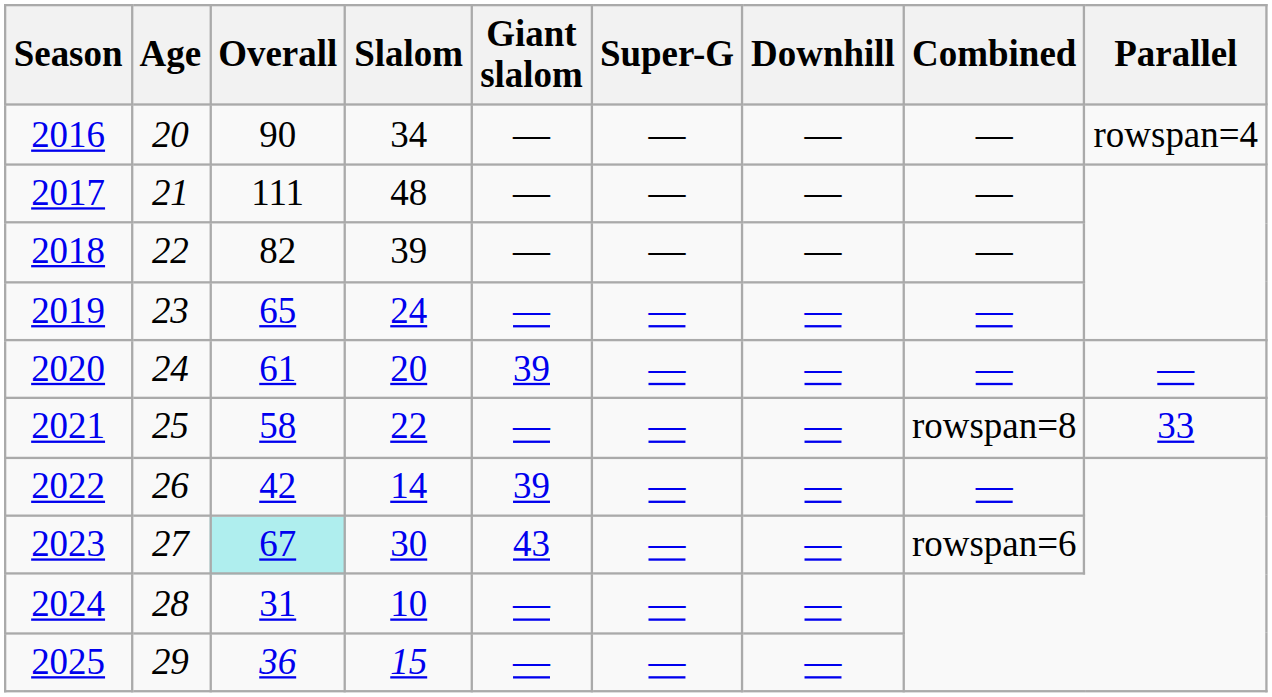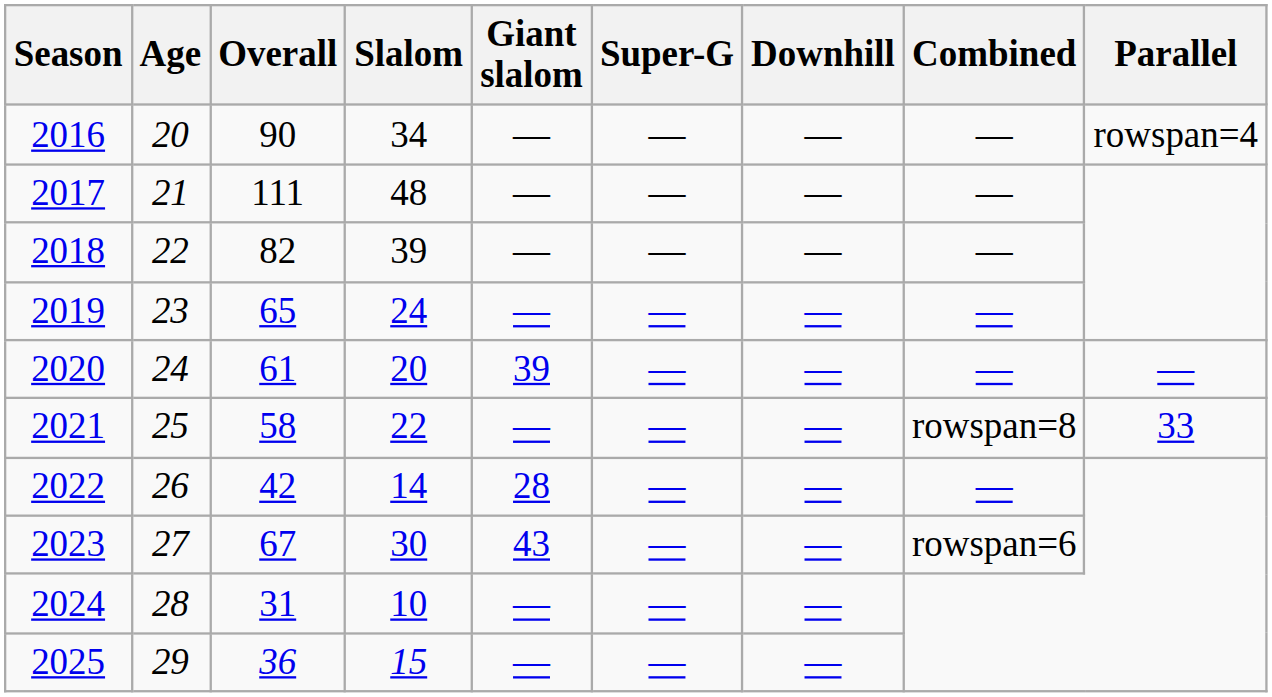 <table class=wikitable style="text-align:center">
 <tr>
 <th>Season</th>
 <th>Age</th>
 <th>Overall</th>
 <th>Slalom</th>
 <th>Giant<br>slalom</th>
 <th>Super-G</th>
 <th>Downhill</th>
 <th>Combined</th>
 <th>Parallel</th>
 </tr>
 <tr>
 <td><a href='#'>2016</a></td>
 <td><em>20</em></td>
 <td>90</td>
 <td>34</td>
 <td>—</td>
 <td>—</td>
 <td>—</td>
 <td>—</td>
 <td>rowspan=4 </td>
 </tr>
 <tr>
 <td><a href='#'>2017</a></td>
 <td><em>21</em></td>
 <td>111</td>
 <td>48</td>
 <td>—</td>
 <td>—</td>
 <td>—</td>
 <td>—</td>
 </tr>
 <tr>
 <td><a href='#'>2018</a></td>
 <td><em>22</em></td>
 <td>82</td>
 <td>39</td>
 <td>—</td>
 <td>—</td>
 <td>—</td>
 <td>—</td>
 </tr>
 <tr>
 <td><a href='#'>2019</a></td>
 <td><em>23</em></td>
 <td><a href='#'>65</a></td>
 <td><a href='#'>24</a></td>
 <td><a href='#'>—</a></td>
 <td><a href='#'>—</a></td>
 <td><a href='#'>—</a></td>
 <td><a href='#'>—</a></td>
 </tr>
 <tr>
 <td><a href='#'>2020</a></td>
 <td><em>24</em></td>
 <td><a href='#'>61</a></td>
 <td><a href='#'>20</a></td>
 <td><a href='#'>39</a></td>
 <td><a href='#'>—</a></td>
 <td><a href='#'>—</a></td>
 <td><a href='#'>—</a></td>
 <td><a href='#'>—</a></td>
 </tr>
 <tr>
 <td><a href='#'>2021</a></td>
 <td><em>25</em></td>
 <td><a href='#'>58</a></td>
 <td><a href='#'>22</a></td>
 <td><a href='#'>—</a></td>
 <td><a href='#'>—</a></td>
 <td><a href='#'>—</a></td>
 <td>rowspan=8 </td>
 <td><a href='#'>33</a></td>
 </tr>
 <tr>
 <td><a href='#'>2022</a></td>
 <td><em>26</em></td>
 <td><a href='#'>42</a></td>
 <td><a href='#'>14</a></td>
-<td><a href='#'>39</a></td>
+<td><a href='#'>28</a></td>
 <td><a href='#'>—</a></td>
 <td><a href='#'>—</a></td>
 <td><a href='#'>—</a></td>
 </tr>
 <tr>
 <td><a href='#'>2023</a></td>
 <td><em>27</em></td>
-<td style="background: paleturquoise;"><a href='#'>67</a></td>
+<td><a href='#'>67</a></td>
 <td><a href='#'>30</a></td>
 <td><a href='#'>43</a></td>
 <td><a href='#'>—</a></td>
 <td><a href='#'>—</a></td>
 <td>rowspan=6 </td>
 </tr>
 <tr>
 <td><a href='#'>2024</a></td>
 <td><em>28</em></td>
 <td><a href='#'>31</a></td>
 <td><a href='#'>10</a></td>
 <td><a href='#'>—</a></td>
 <td><a href='#'>—</a></td>
 <td><a href='#'>—</a></td>
 </tr>
 <tr>
 <td><a href='#'>2025</a></td>
 <td><em>29</em></td>
 <td><a href='#'><em>36</em></a></td>
 <td><a href='#'><em>15</em></a></td>
 <td><a href='#'>—</a></td>
 <td><a href='#'>—</a></td>
 <td><a href='#'>—</a></td>
 </tr>
 </table>
